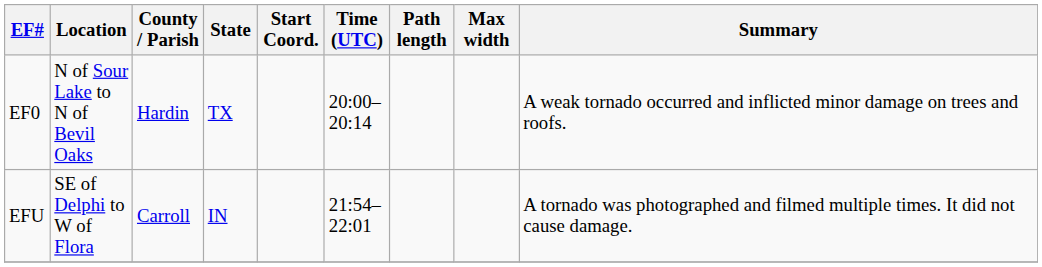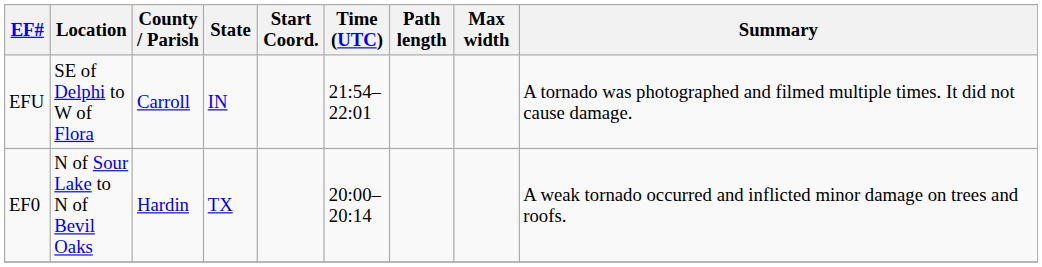 <table class="wikitable sortable" style="width:100%;">
 <tr>
 <th scope="col"  style="width:3%; text-align:center;"><a href='#'>EF#</a></th>
 <th scope="col"  style="width:7%; text-align:center;" class="unsortable">Location</th>
 <th scope="col"  style="width:6%; text-align:center;" class="unsortable">County / Parish</th>
 <th scope="col"  style="width:5%; text-align:center;">State</th>
 <th scope="col"  style="width:6%; text-align:center;">Start Coord.</th>
 <th scope="col"  style="width:6%; text-align:center;">Time (<a href='#'>UTC</a>)</th>
 <th scope="col"  style="width:6%; text-align:center;">Path length</th>
 <th scope="col"  style="width:6%; text-align:center;">Max width</th>
 <th scope="col" class="unsortable" style="width:48%; text-align:center;">Summary</th>
 </tr>
 <tr>
+<td>EFU</td>
+<td>SE of <a href='#'>Delphi</a> to W of <a href='#'>Flora</a></td>
+<td><a href='#'>Carroll</a></td>
+<td><a href='#'>IN</a></td>
+<td></td>
+<td>21:54–22:01</td>
+<td></td>
+<td></td>
+<td>A tornado was photographed and filmed multiple times. It did not cause damage.</td>
+</tr>
+<tr>
 <td>EF0</td>
 <td>N of <a href='#'>Sour Lake</a> to N of <a href='#'>Bevil Oaks</a></td>
 <td><a href='#'>Hardin</a></td>
 <td><a href='#'>TX</a></td>
 <td></td>
 <td>20:00–20:14</td>
 <td></td>
 <td></td>
 <td>A weak tornado occurred and inflicted minor damage on trees and roofs.</td>
 </tr>
 <tr>
-<td>EFU</td>
-<td>SE of <a href='#'>Delphi</a> to W of <a href='#'>Flora</a></td>
-<td><a href='#'>Carroll</a></td>
-<td><a href='#'>IN</a></td>
-<td></td>
-<td>21:54–22:01</td>
-<td></td>
-<td></td>
-<td>A tornado was photographed and filmed multiple times. It did not cause damage.</td>
-</tr>
-<tr>
 </tr>
 </table>
